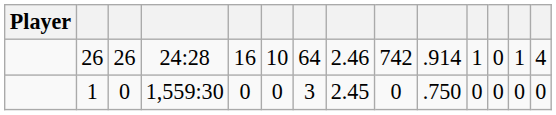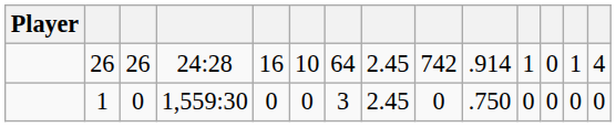 <table class="wikitable sortable" style="text-align:center;">
 <tr>
 <th>Player</th>
 <th></th>
 <th></th>
 <th></th>
 <th></th>
 <th></th>
 <th></th>
 <th></th>
 <th></th>
 <th></th>
 <th></th>
 <th></th>
 <th></th>
 <th></th>
 </tr>
 <tr>
 <td></td>
 <td>26</td>
 <td>26</td>
 <td>24:28</td>
 <td>16</td>
 <td>10</td>
 <td>64</td>
-<td>2.46</td>
+<td>2.45</td>
 <td>742</td>
 <td>.914</td>
 <td>1</td>
 <td>0</td>
 <td>1</td>
 <td>4</td>
 </tr>
 <tr>
 <td></td>
 <td>1</td>
 <td>0</td>
 <td>1,559:30</td>
 <td>0</td>
 <td>0</td>
 <td>3</td>
 <td>2.45</td>
 <td>0</td>
 <td>.750</td>
 <td>0</td>
 <td>0</td>
 <td>0</td>
 <td>0</td>
 </tr>
 </table>
